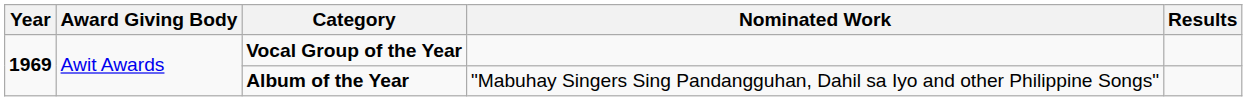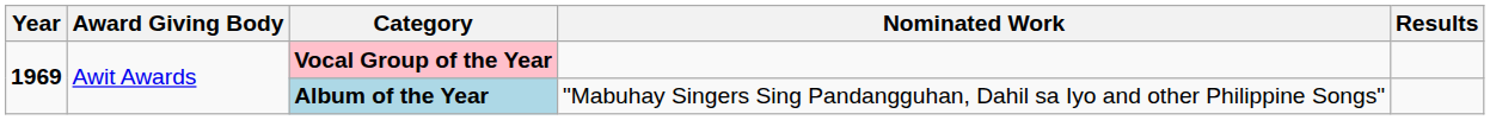 <table class="wikitable">
 <tr>
 <th>Year</th>
 <th>Award Giving Body</th>
 <th>Category</th>
 <th>Nominated Work</th>
 <th>Results</th>
 </tr>
 <tr>
 <td rowspan=2><strong>1969</strong></td>
 <td rowspan=2><a href='#'>Awit Awards</a></td>
-<td><strong>Vocal Group of the Year</strong></td>
+<td style="background: pink;"><strong>Vocal Group of the Year</strong></td>
 <td></td>
 <td></td>
 </tr>
 <tr>
-<td><strong>Album of the Year</strong></td>
+<td style="background: lightblue;"><strong>Album of the Year</strong></td>
 <td align=center>"Mabuhay Singers Sing Pandangguhan, Dahil sa Iyo and other Philippine Songs"</td>
 <td></td>
 </tr>
 </table>
